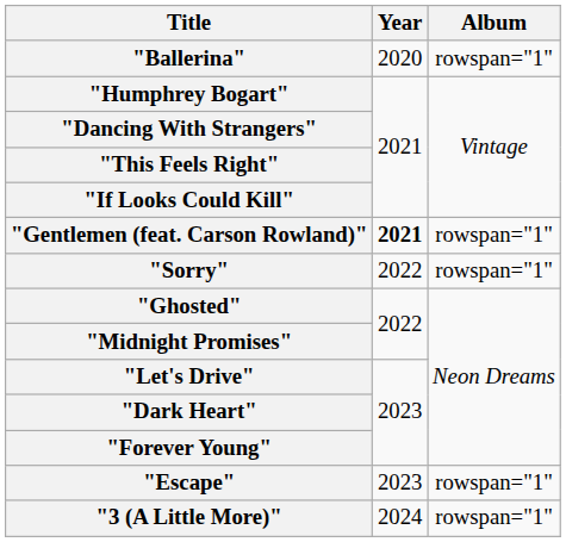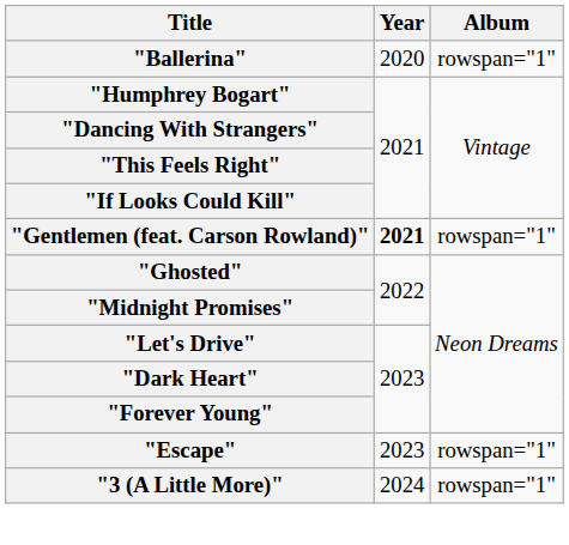 <table class="wikitable plainrowheaders" style="text-align:center;">
 <tr>
 <th>Title</th>
 <th>Year</th>
 <th>Album</th>
 </tr>
 <tr>
 <th scope="row">"Ballerina"</th>
 <td>2020</td>
 <td>rowspan="1" </td>
 </tr>
 <tr>
 <th scope="row">"Humphrey Bogart"</th>
 <td rowspan="4">2021</td>
 <td rowspan="4"><em>Vintage</em></td>
 </tr>
 <tr>
 <th scope="row">"Dancing With Strangers"</th>
 </tr>
 <tr>
 <th scope="row">"This Feels Right"</th>
 </tr>
 <tr>
 <th scope="row">"If Looks Could Kill"</th>
 </tr>
 <tr>
 <th scope="row">"Gentlemen (feat. Carson Rowland)"</th>
 <td><strong>2021</strong></td>
 <td>rowspan="1" </td>
 </tr>
 <tr>
-<th scope="row">"Sorry"</th>
-<td>2022</td>
-<td>rowspan="1" </td>
-</tr>
-<tr>
 <th scope="row">"Ghosted"</th>
 <td rowspan="2">2022</td>
 <td rowspan="5"><em>Neon Dreams</em></td>
 </tr>
 <tr>
 <th scope="row">"Midnight Promises"</th>
 </tr>
 <tr>
 <th scope="row">"Let's Drive"</th>
 <td rowspan="3">2023</td>
 </tr>
 <tr>
 <th scope="row">"Dark Heart"</th>
 </tr>
 <tr>
 <th scope="row">"Forever Young"</th>
 </tr>
 <tr>
 <th scope="row">"Escape"</th>
 <td>2023</td>
 <td>rowspan="1" </td>
 </tr>
 <tr>
 <th scope="row">"3 (A Little More)"</th>
 <td>2024</td>
 <td>rowspan="1" </td>
 </tr>
 </table>
